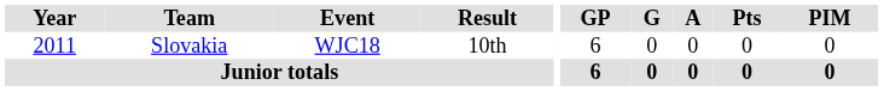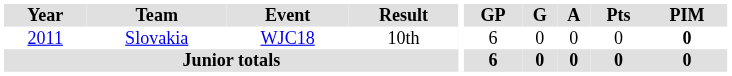 <table border="0" cellpadding="1" cellspacing="0" ID="Table3" style="text-align:center; width:40em">
 <tr ALIGN="center" bgcolor="#e0e0e0">
 <th>Year</th>
 <th>Team</th>
 <th>Event</th>
 <th>Result</th>
 <th rowspan="99" bgcolor="#ffffff"></th>
 <th>GP</th>
 <th>G</th>
 <th>A</th>
 <th>Pts</th>
 <th>PIM</th>
 </tr>
 <tr>
 <td><a href='#'>2011</a></td>
 <td><a href='#'>Slovakia</a></td>
 <td><a href='#'>WJC18</a></td>
 <td>10th</td>
 <td>6</td>
 <td>0</td>
 <td>0</td>
 <td>0</td>
-<td>0</td>
+<td><strong>0</strong></td>
 </tr>
 <tr bgcolor="#e0e0e0">
 <th colspan="4">Junior totals</th>
 <th>6</th>
 <th>0</th>
 <th>0</th>
 <th>0</th>
 <th>0</th>
 </tr>
 </table>
